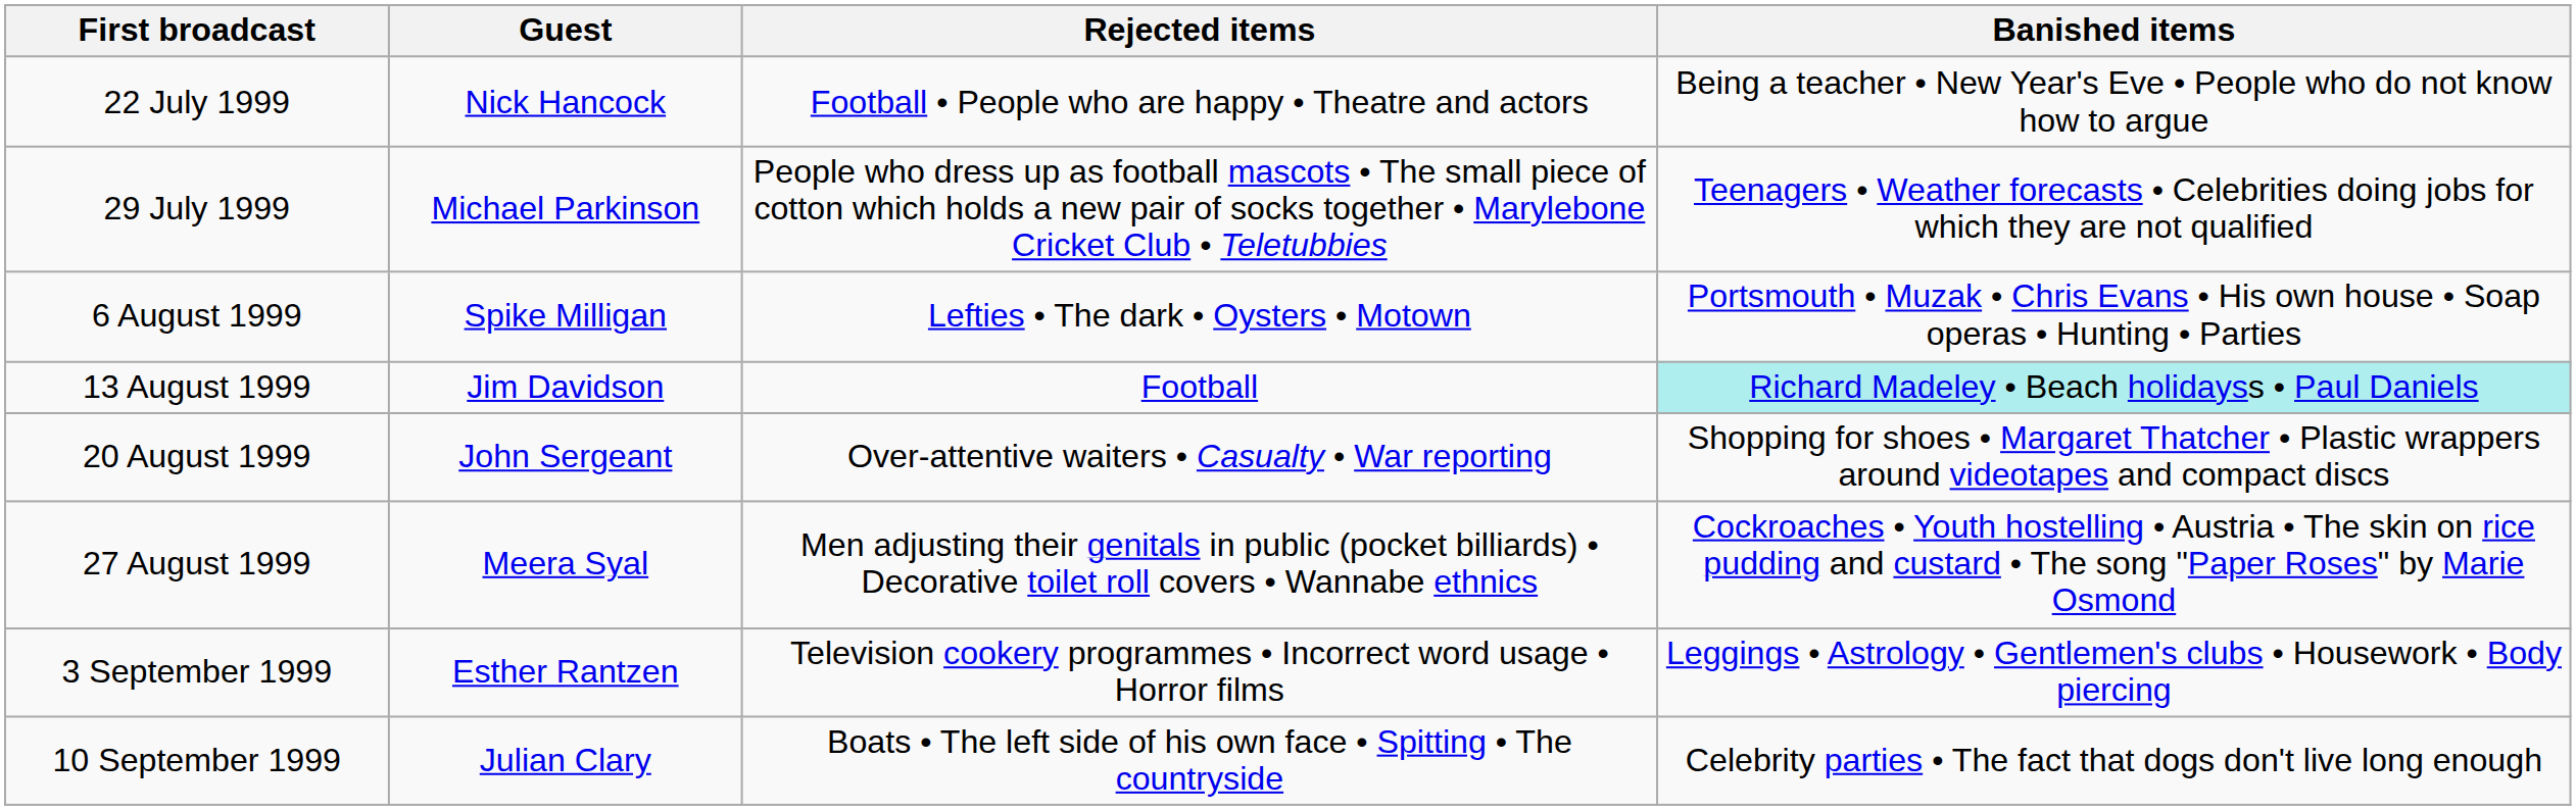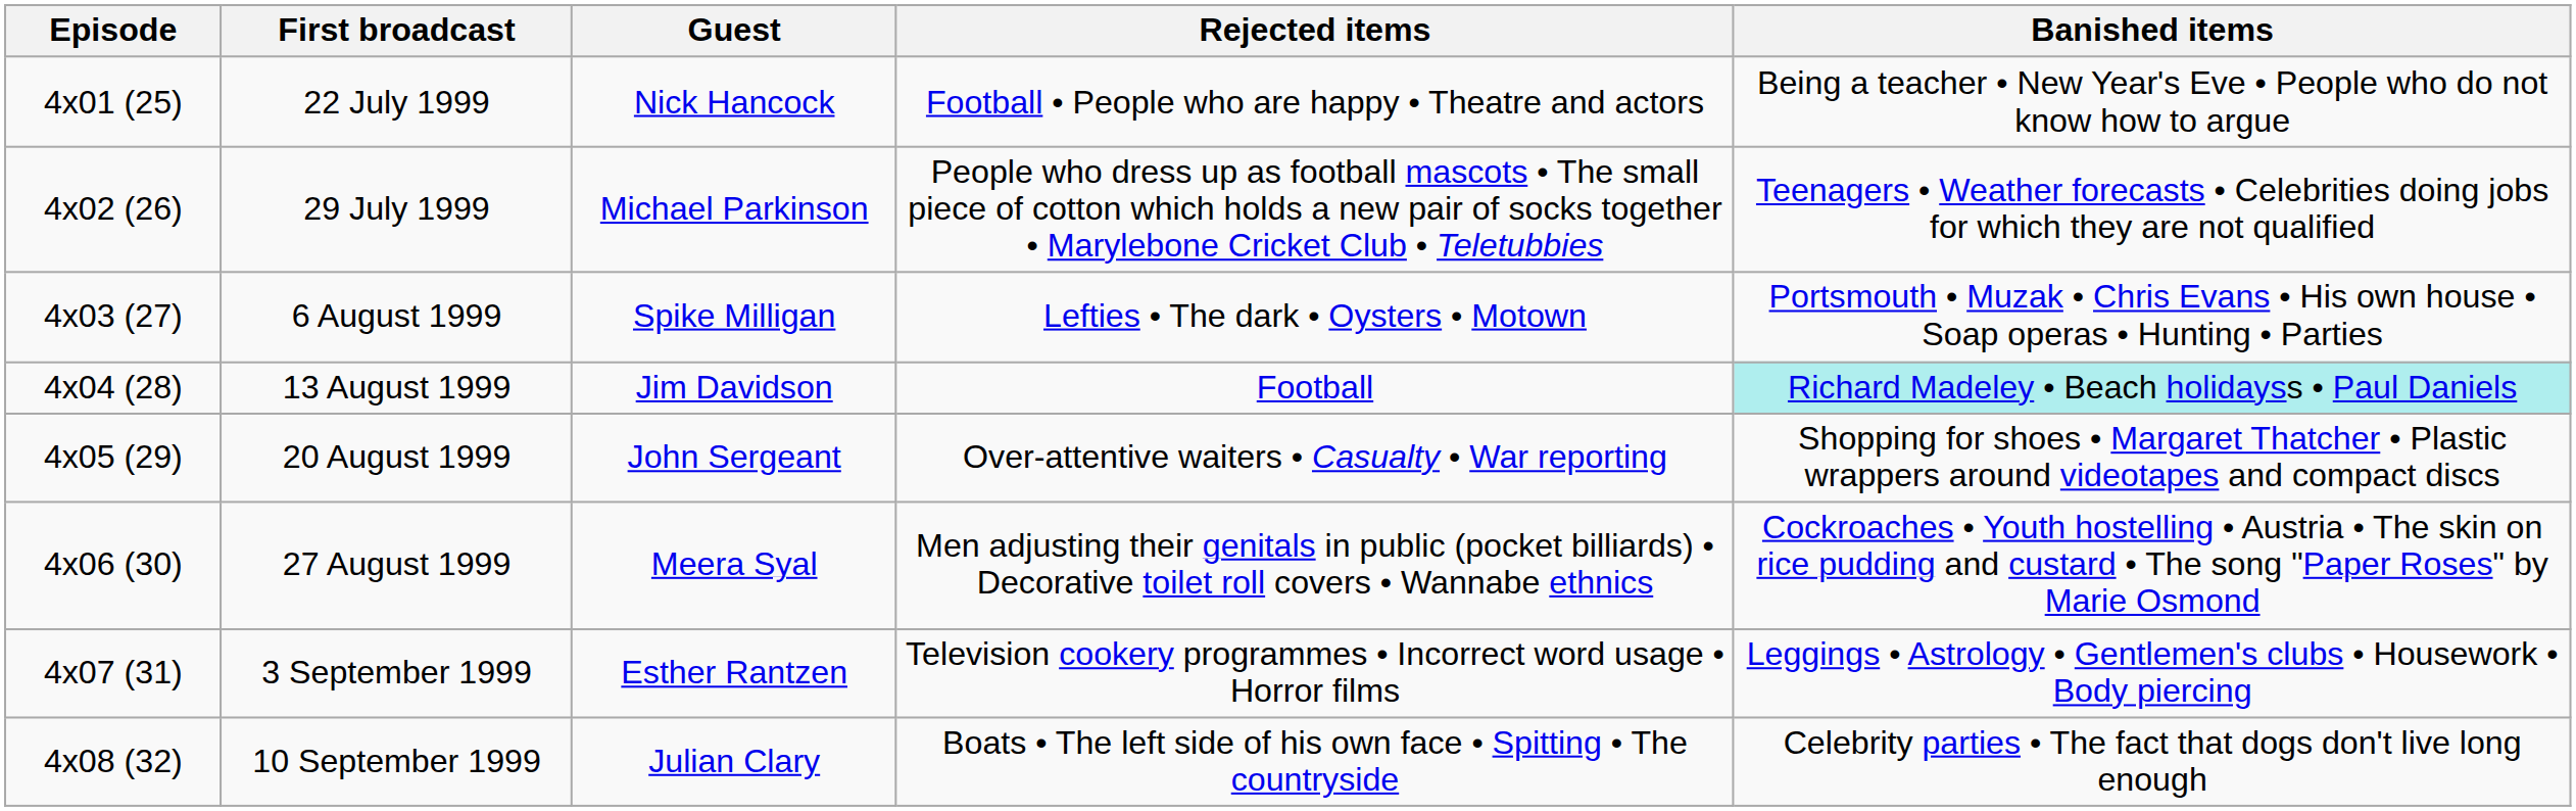 <table class="wikitable"  style="width:99%; left:0 auto; text-align:center;">
 <tr>
+<th style="width:8%;">Episode</th>
 <th style="width:13%;">First broadcast</th>
 <th style="width:12%;">Guest</th>
 <th style="width:31%;">Rejected items</th>
 <th style="width:31%;">Banished items</th>
 </tr>
 <tr>
+<td>4x01 (25)</td>
 <td>22 July 1999</td>
 <td><a href='#'>Nick Hancock</a></td>
 <td><a href='#'>Football</a> • People who are happy • Theatre and actors</td>
 <td>Being a teacher • New Year's Eve • People who do not know how to argue</td>
 </tr>
 <tr>
+<td>4x02 (26)</td>
 <td>29 July 1999</td>
 <td><a href='#'>Michael Parkinson</a></td>
 <td>People who dress up as football <a href='#'>mascots</a> • The small piece of cotton which holds a new pair of socks together • <a href='#'>Marylebone Cricket Club</a> • <em><a href='#'>Teletubbies</a></em></td>
 <td><a href='#'>Teenagers</a> • <a href='#'>Weather forecasts</a> • Celebrities doing jobs for which they are not qualified</td>
 </tr>
 <tr>
+<td>4x03 (27)</td>
 <td>6 August 1999</td>
 <td><a href='#'>Spike Milligan</a></td>
 <td><a href='#'>Lefties</a> • The dark • <a href='#'>Oysters</a> • <a href='#'>Motown</a></td>
 <td><a href='#'>Portsmouth</a> • <a href='#'>Muzak</a> • <a href='#'>Chris Evans</a> • His own house • Soap operas • Hunting • Parties</td>
 </tr>
 <tr>
+<td>4x04 (28)</td>
 <td>13 August 1999</td>
 <td><a href='#'>Jim Davidson</a></td>
 <td><a href='#'>Football</a></td>
 <td style="background: paleturquoise;"><a href='#'>Richard Madeley</a> • Beach <a href='#'>holidays</a>s • <a href='#'>Paul Daniels</a></td>
 </tr>
 <tr>
+<td>4x05 (29)</td>
 <td>20 August 1999</td>
 <td><a href='#'>John Sergeant</a></td>
 <td>Over-attentive waiters • <em><a href='#'>Casualty</a></em> • <a href='#'>War reporting</a></td>
 <td>Shopping for shoes • <a href='#'>Margaret Thatcher</a> • Plastic wrappers around <a href='#'>videotapes</a> and compact discs</td>
 </tr>
 <tr>
+<td>4x06 (30)</td>
 <td>27 August 1999</td>
 <td><a href='#'>Meera Syal</a></td>
 <td>Men adjusting their <a href='#'>genitals</a> in public (pocket billiards) • Decorative <a href='#'>toilet roll</a> covers • Wannabe <a href='#'>ethnics</a></td>
 <td><a href='#'>Cockroaches</a> • <a href='#'>Youth hostelling</a> • Austria • The skin on <a href='#'>rice pudding</a> and <a href='#'>custard</a> • The song "<a href='#'>Paper Roses</a>" by <a href='#'>Marie Osmond</a></td>
 </tr>
 <tr>
+<td>4x07 (31)</td>
 <td>3 September 1999</td>
 <td><a href='#'>Esther Rantzen</a></td>
 <td>Television <a href='#'>cookery</a> programmes • Incorrect word usage • Horror films</td>
 <td><a href='#'>Leggings</a> • <a href='#'>Astrology</a> • <a href='#'>Gentlemen's clubs</a> • Housework • <a href='#'>Body piercing</a></td>
 </tr>
 <tr>
+<td>4x08 (32)</td>
 <td>10 September 1999</td>
 <td><a href='#'>Julian Clary</a></td>
 <td>Boats • The left side of his own face • <a href='#'>Spitting</a> • The <a href='#'>countryside</a></td>
 <td>Celebrity <a href='#'>parties</a> • The fact that dogs don't live long enough</td>
 </tr>
 </table>
